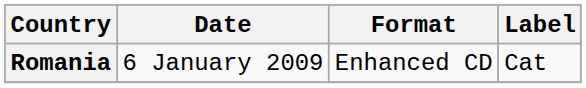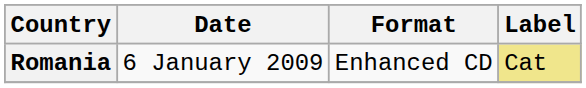 <table class="wikitable plainrowheaders unsortable">
 <tr>
 <th scope="col">Country</th>
 <th scope="col">Date</th>
 <th scope="col">Format</th>
 <th scope="col">Label</th>
 </tr>
 <tr>
 <th scope="row">Romania</th>
 <td rowspan="1">6 January 2009</td>
 <td rowspan="1">Enhanced CD</td>
-<td rowspan="1">Cat</td>
+<td rowspan="1" style="background: khaki;">Cat</td>
 </tr>
 <tr>
 </tr>
 </table>
